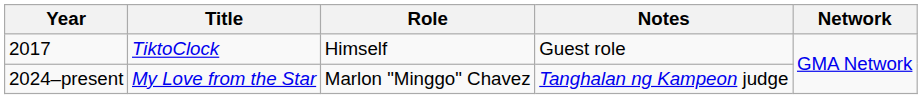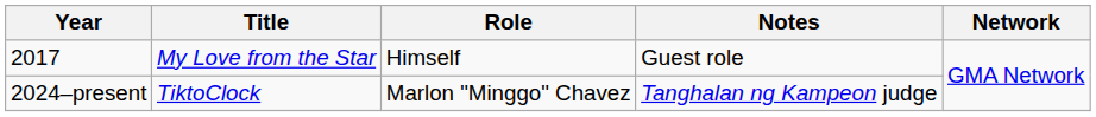 <table class="wikitable">
 <tr>
 <th>Year</th>
 <th>Title</th>
 <th>Role</th>
 <th>Notes</th>
 <th>Network</th>
 </tr>
 <tr>
 <td>2017</td>
-<td><em><a href='#'>TiktoClock</a></em></td>
+<td><em><a href='#'>My Love from the Star</a></em></td>
 <td>Himself</td>
 <td>Guest role</td>
 <td rowspan="2"><a href='#'>GMA Network</a></td>
 </tr>
 <tr>
 <td>2024–present</td>
-<td><em><a href='#'>My Love from the Star</a></em></td>
+<td><em><a href='#'>TiktoClock</a></em></td>
 <td>Marlon "Minggo" Chavez</td>
 <td><em><a href='#'>Tanghalan ng Kampeon</a></em> judge</td>
 </tr>
 </table>
